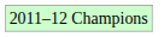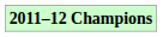 <table class="wikitable">
 <tr>
 </tr>
 <tr width=10px bgcolor="#ccffcc">
-<td>2011–12 Champions</td>
+<td><strong>2011–12 Champions</strong></td>
 </tr>
 </table>
